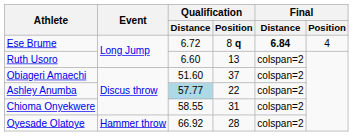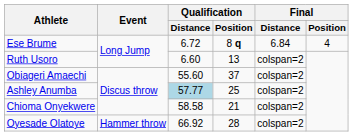 <table class="wikitable" style="font-size:90%">
 <tr>
 <th rowspan="2">Athlete</th>
 <th rowspan="2">Event</th>
 <th colspan="2">Qualification</th>
 <th colspan="2">Final</th>
 </tr>
 <tr style="font-size:95%">
 <th>Distance</th>
 <th>Position</th>
 <th>Distance</th>
 <th>Position</th>
 </tr>
 <tr align="center">
 <td align=left><a href='#'>Ese Brume</a></td>
 <td align=left rowspan=2><a href='#'>Long Jump</a></td>
 <td>6.72</td>
 <td>8 <strong>q</strong></td>
-<td><strong>6.84 </strong></td>
+<td>6.84 </td>
 <td>4</td>
 </tr>
 <tr align="center">
 <td align=left><a href='#'>Ruth Usoro</a></td>
 <td>6.60</td>
 <td>13</td>
 <td>colspan=2 </td>
 </tr>
 <tr align="center">
 <td align=left><a href='#'>Obiageri Amaechi</a></td>
 <td align=left rowspan=3><a href='#'>Discus throw</a></td>
-<td>51.60</td>
+<td>55.60</td>
 <td>37</td>
 <td>colspan=2 </td>
 </tr>
 <tr align="center">
 <td align=left><a href='#'>Ashley Anumba</a></td>
 <td style="background: lightblue;">57.77</td>
-<td>22</td>
+<td>25</td>
 <td>colspan=2 </td>
 </tr>
 <tr align="center">
 <td align=left><a href='#'>Chioma Onyekwere</a></td>
-<td>58.55</td>
-<td>31</td>
+<td>58.58</td>
+<td>21</td>
 <td>colspan=2 </td>
 </tr>
 <tr align="center">
 <td align=left><a href='#'>Oyesade Olatoye</a></td>
 <td align=left><a href='#'>Hammer throw</a></td>
 <td>66.92</td>
 <td>28</td>
 <td>colspan=2 </td>
 </tr>
 </table>
